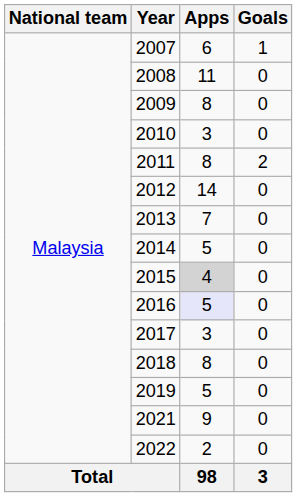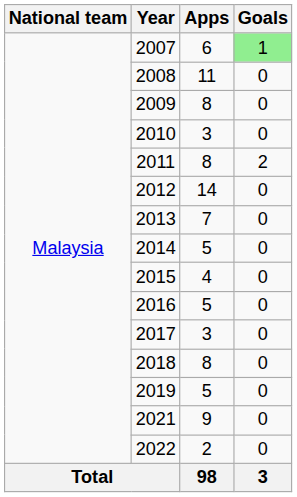 <table class=wikitable style="text-align: center;">
 <tr>
 <th>National team</th>
 <th>Year</th>
 <th>Apps</th>
 <th>Goals</th>
 </tr>
 <tr>
 <td rowspan=15><a href='#'>Malaysia</a></td>
 <td>2007</td>
 <td>6</td>
-<td>1</td>
+<td style="background: lightgreen;">1</td>
 </tr>
 <tr>
 <td>2008</td>
 <td>11</td>
 <td>0</td>
 </tr>
 <tr>
 <td>2009</td>
 <td>8</td>
 <td>0</td>
 </tr>
 <tr>
 <td>2010</td>
 <td>3</td>
 <td>0</td>
 </tr>
 <tr>
 <td>2011</td>
 <td>8</td>
 <td>2</td>
 </tr>
 <tr>
 <td>2012</td>
 <td>14</td>
 <td>0</td>
 </tr>
 <tr>
 <td>2013</td>
 <td>7</td>
 <td>0</td>
 </tr>
 <tr>
 <td>2014</td>
 <td>5</td>
 <td>0</td>
 </tr>
 <tr>
 <td>2015</td>
-<td style="background: lightgrey;">4</td>
+<td>4</td>
 <td>0</td>
 </tr>
 <tr>
 <td>2016</td>
-<td style="background: lavender;">5</td>
+<td>5</td>
 <td>0</td>
 </tr>
 <tr>
 <td>2017</td>
 <td>3</td>
 <td>0</td>
 </tr>
 <tr>
 <td>2018</td>
 <td>8</td>
 <td>0</td>
 </tr>
 <tr>
 <td>2019</td>
 <td>5</td>
 <td>0</td>
 </tr>
 <tr>
 <td>2021</td>
 <td>9</td>
 <td>0</td>
 </tr>
 <tr>
 <td>2022</td>
 <td>2</td>
 <td>0</td>
 </tr>
 <tr>
 <th colspan=2>Total</th>
 <th>98</th>
 <th>3</th>
 </tr>
 </table>
